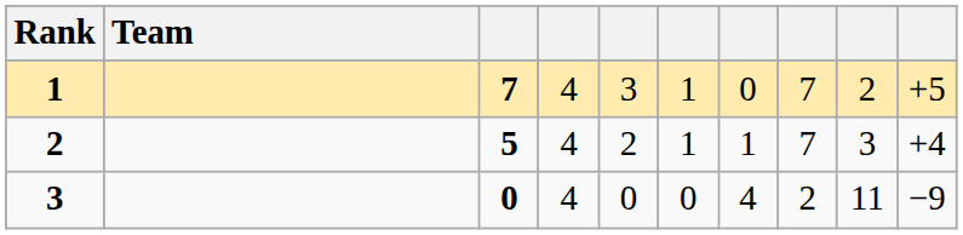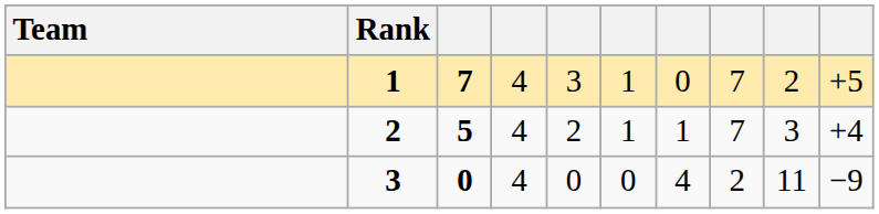 <table class="wikitable" style="text-align:center">
 <tr>
+<th width=165 style="text-align:left">Team</th>
 <th width=30>Rank</th>
-<th width=165 style="text-align:left">Team</th>
 <th width=20></th>
 <th width=20></th>
 <th width=20></th>
 <th width=20></th>
 <th width=20></th>
 <th width=20></th>
 <th width=20></th>
 <th width=20></th>
 </tr>
 <tr bgcolor="#ffebad">
+<td align="left"></td>
 <td><strong>1</strong></td>
-<td align="left"></td>
 <td><strong>7</strong></td>
 <td>4</td>
 <td>3</td>
 <td>1</td>
 <td>0</td>
 <td>7</td>
 <td>2</td>
 <td>+5</td>
 </tr>
 <tr>
+<td align="left"></td>
 <td><strong>2</strong></td>
-<td align="left"></td>
 <td><strong>5</strong></td>
 <td>4</td>
 <td>2</td>
 <td>1</td>
 <td>1</td>
 <td>7</td>
 <td>3</td>
 <td>+4</td>
 </tr>
 <tr>
+<td align="left"></td>
 <td><strong>3</strong></td>
-<td align="left"></td>
 <td><strong>0</strong></td>
 <td>4</td>
 <td>0</td>
 <td>0</td>
 <td>4</td>
 <td>2</td>
 <td>11</td>
 <td>−9</td>
 </tr>
 </table>
